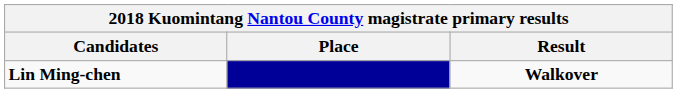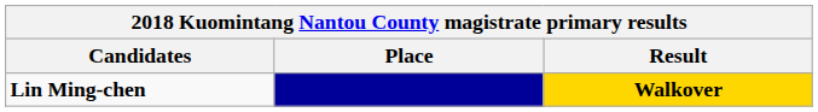 <table class="wikitable collapsible">
 <tr>
 <th colspan="6" width=600>2018 Kuomintang <a href='#'>Nantou County</a> magistrate primary results</th>
 </tr>
 <tr>
 <th width=80>Candidates</th>
 <th width=80>Place</th>
 <th width=80>Result</th>
 </tr>
 <tr>
 <td><strong>Lin Ming-chen</strong></td>
 <td style="background: #000099; text-align:center"><strong></strong></td>
-<td style="text-align:center"><strong>Walkover</strong></td>
+<td style="background: gold; text-align:center"><strong>Walkover</strong></td>
 </tr>
 </table>
